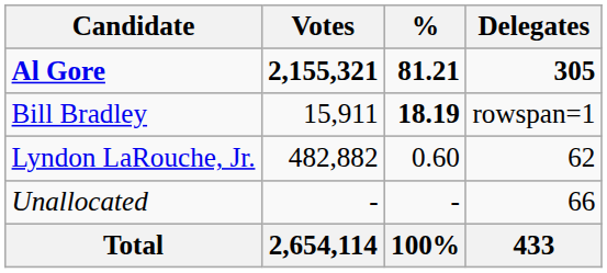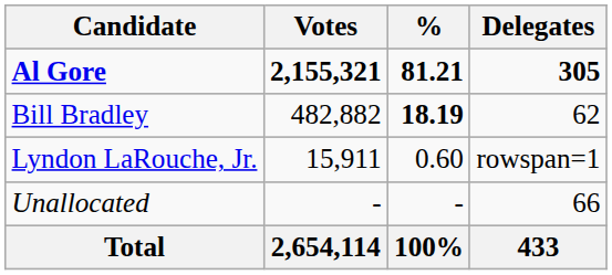 <table class="wikitable sortable" style="text-align:right;">
 <tr>
 <th>Candidate</th>
 <th>Votes</th>
 <th>%</th>
 <th>Delegates</th>
 </tr>
 <tr>
 <td style="text-align:left;" data-sort-value="Gore, Al"><strong><a href='#'>Al Gore</a></strong></td>
 <td><strong>2,155,321</strong></td>
 <td><strong>81.21</strong></td>
 <td><strong>305</strong></td>
 </tr>
 <tr>
 <td style="text-align:left;" data-sort-value="Bradley, Bill"><a href='#'>Bill Bradley</a></td>
-<td>15,911</td>
+<td>482,882</td>
 <td><strong>18.19</strong></td>
-<td>rowspan=1 </td>
+<td>62</td>
 </tr>
 <tr>
 <td style="text-align:left;" data-sort-value="LaRouche, Jr., Lyndon"><a href='#'>Lyndon LaRouche, Jr.</a></td>
-<td>482,882</td>
+<td>15,911</td>
 <td>0.60</td>
-<td>62</td>
+<td>rowspan=1 </td>
 </tr>
 <tr>
 <td style="text-align:left;" data-sort-value="ZZZ"><em>Unallocated</em></td>
 <td>-</td>
 <td>-</td>
 <td>66</td>
 </tr>
 <tr>
 <th>Total</th>
 <th>2,654,114</th>
 <th>100%</th>
 <th>433</th>
 </tr>
 </table>
